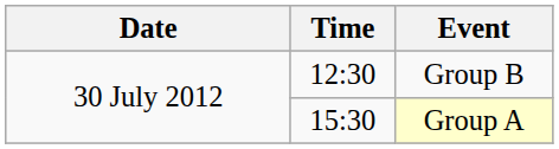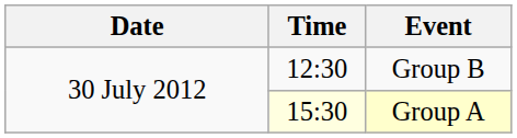 <table class = "wikitable" style="text-align:center;">
 <tr>
 <th width=150>Date</th>
 <th width=50>Time</th>
 <th width=80>Event</th>
 </tr>
 <tr>
 <td rowspan=2>30 July 2012</td>
 <td>12:30</td>
 <td>Group B</td>
 </tr>
 <tr>
-<td>15:30</td>
+<td style="background: lightyellow;">15:30</td>
 <td bgcolor=ffffcc>Group A</td>
 </tr>
 </table>
